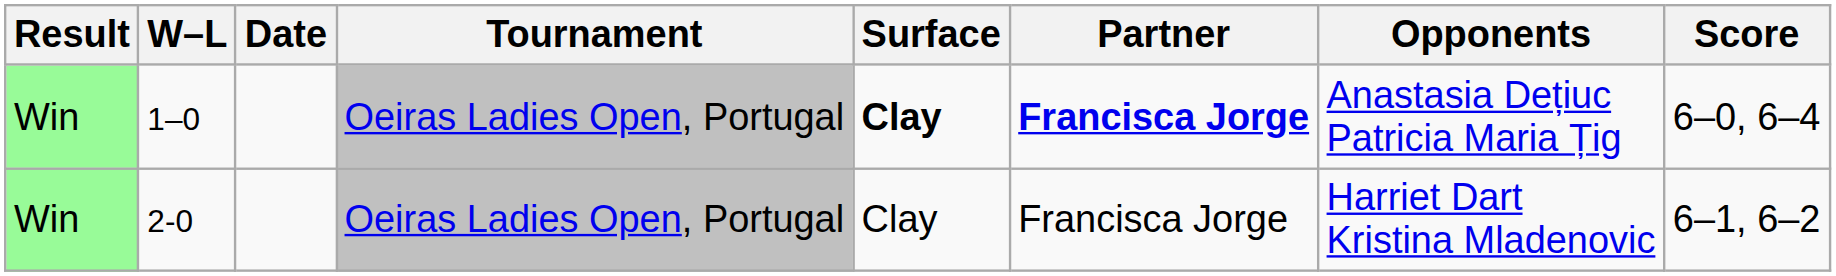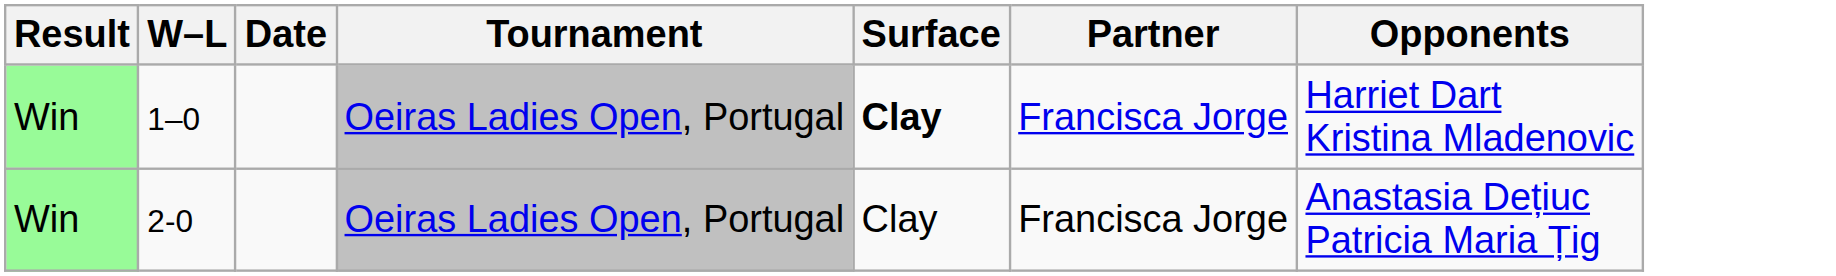 <table class="sortable wikitable">
 <tr>
 <th>Result</th>
 <th class="unsortable">W–L</th>
 <th>Date</th>
 <th>Tournament</th>
 <th>Surface</th>
 <th>Partner</th>
 <th>Opponents</th>
-<th class="unsortable">Score</th>
 </tr>
 <tr>
 <td style="background:#98fb98;">Win</td>
 <td><small>1–0</small></td>
 <td><a href='#'></a></td>
 <td style="background:silver;"><a href='#'>Oeiras Ladies Open</a>, Portugal</td>
 <td><strong>Clay</strong></td>
-<td><strong> <a href='#'>Francisca Jorge</a></strong></td>
-<td> <a href='#'>Anastasia Dețiuc</a> <br>  <a href='#'>Patricia Maria Țig</a></td>
-<td>6–0, 6–4</td>
+<td> <a href='#'>Francisca Jorge</a></td>
+<td> <a href='#'>Harriet Dart</a> <br>  <a href='#'>Kristina Mladenovic</a></td>
 </tr>
 <tr>
 <td style="background:#98fb98;">Win</td>
 <td><small>2-0</small></td>
 <td><a href='#'></a></td>
 <td style="background:silver;"><a href='#'>Oeiras Ladies Open</a>, Portugal</td>
 <td>Clay</td>
 <td> Francisca Jorge</td>
-<td> <a href='#'>Harriet Dart</a> <br>  <a href='#'>Kristina Mladenovic</a></td>
-<td>6–1, 6–2</td>
+<td> <a href='#'>Anastasia Dețiuc</a> <br>  <a href='#'>Patricia Maria Țig</a></td>
 </tr>
 </table>
